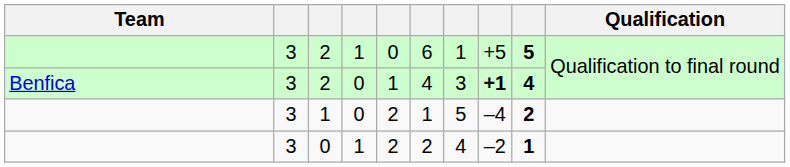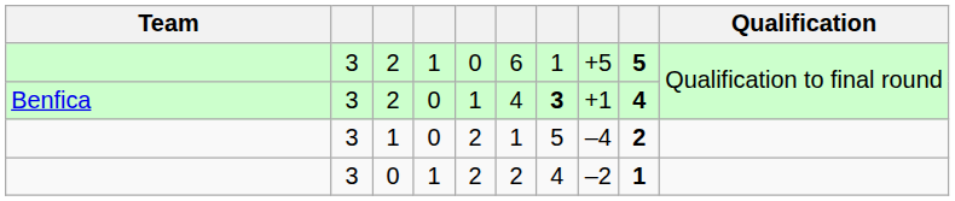 <table class="wikitable" style="text-align:center;">
 <tr>
 <th width="210">Team</th>
 <th width="20"></th>
 <th width="20"></th>
 <th width="20"></th>
 <th width="20"></th>
 <th width="20"></th>
 <th width="20"></th>
 <th width="20"></th>
 <th width="20"></th>
 <th>Qualification</th>
 </tr>
 <tr bgcolor="#ccffcc">
 <td align="left"></td>
 <td>3</td>
 <td>2</td>
 <td>1</td>
 <td>0</td>
 <td>6</td>
 <td>1</td>
 <td>+5</td>
 <td><strong>5</strong></td>
 <td rowspan="2">Qualification to final round</td>
 </tr>
 <tr bgcolor="#ccffcc">
 <td align="left"> <a href='#'>Benfica</a></td>
 <td>3</td>
 <td>2</td>
 <td>0</td>
 <td>1</td>
 <td>4</td>
-<td>3</td>
-<td><strong>+1</strong></td>
+<td><strong>3</strong></td>
+<td>+1</td>
 <td><strong>4</strong></td>
 </tr>
 <tr>
 <td align="left"></td>
 <td>3</td>
 <td>1</td>
 <td>0</td>
 <td>2</td>
 <td>1</td>
 <td>5</td>
 <td>–4</td>
 <td><strong>2</strong></td>
 <td></td>
 </tr>
 <tr>
 <td align="left"></td>
 <td>3</td>
 <td>0</td>
 <td>1</td>
 <td>2</td>
 <td>2</td>
 <td>4</td>
 <td>–2</td>
 <td><strong>1</strong></td>
 <td></td>
 </tr>
 </table>
